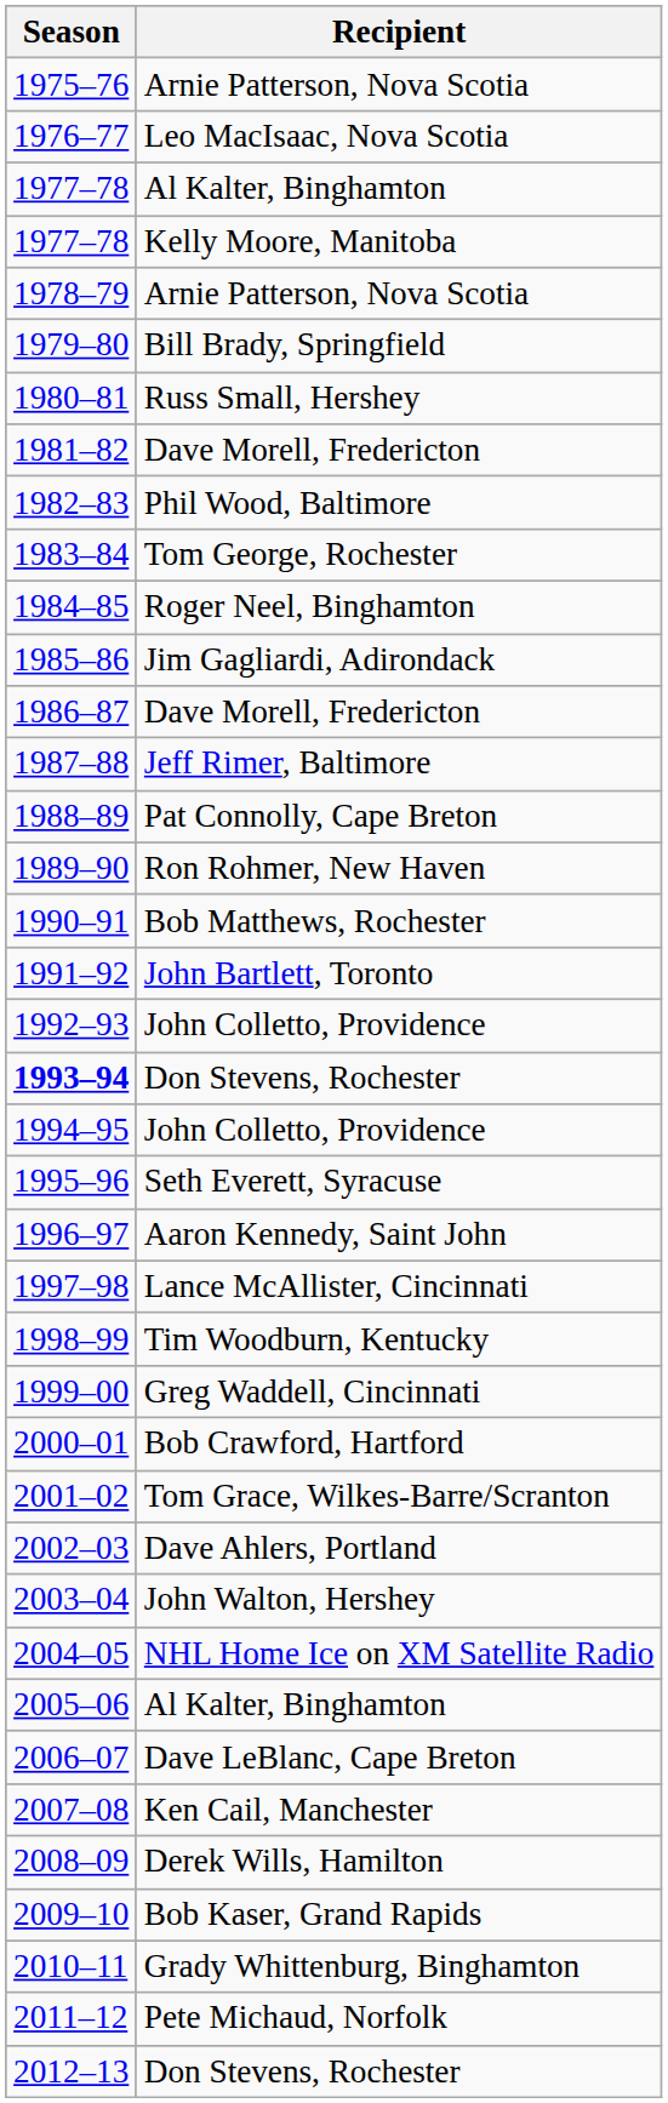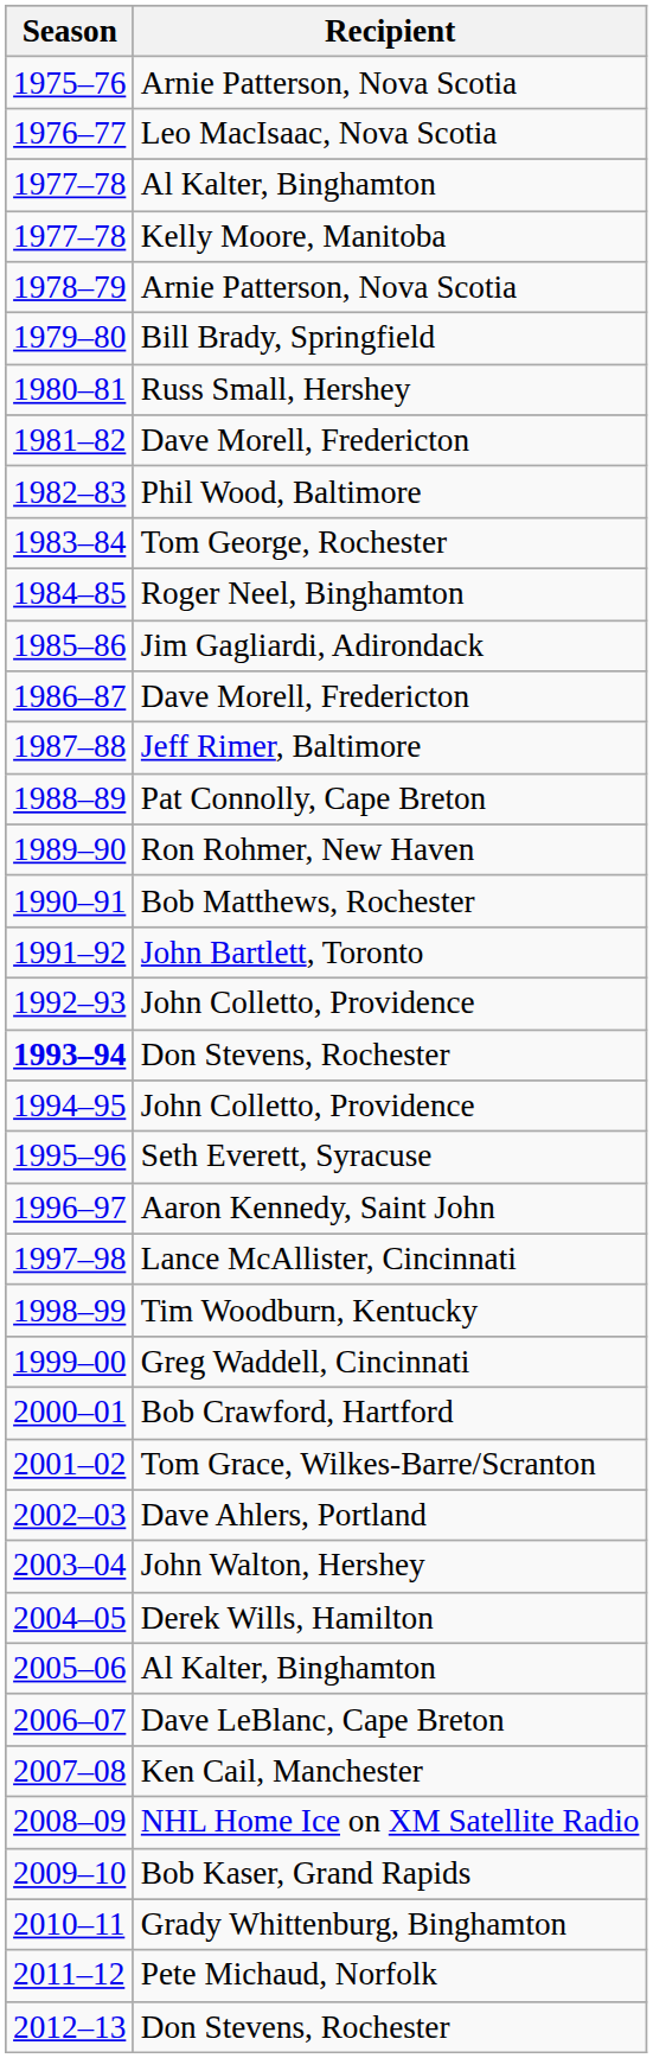 <table class="wikitable sortable">
 <tr>
 <th>Season</th>
 <th>Recipient</th>
 </tr>
 <tr>
 <td><a href='#'>1975–76</a></td>
 <td>Arnie Patterson, Nova Scotia</td>
 </tr>
 <tr>
 <td><a href='#'>1976–77</a></td>
 <td>Leo MacIsaac, Nova Scotia</td>
 </tr>
 <tr>
 <td><a href='#'>1977–78</a></td>
 <td>Al Kalter, Binghamton</td>
 </tr>
 <tr>
 <td><a href='#'>1977–78</a></td>
 <td>Kelly Moore, Manitoba</td>
 </tr>
 <tr>
 <td><a href='#'>1978–79</a></td>
 <td>Arnie Patterson, Nova Scotia</td>
 </tr>
 <tr>
 <td><a href='#'>1979–80</a></td>
 <td>Bill Brady, Springfield</td>
 </tr>
 <tr>
 <td><a href='#'>1980–81</a></td>
 <td>Russ Small, Hershey</td>
 </tr>
 <tr>
 <td><a href='#'>1981–82</a></td>
 <td>Dave Morell, Fredericton</td>
 </tr>
 <tr>
 <td><a href='#'>1982–83</a></td>
 <td>Phil Wood, Baltimore</td>
 </tr>
 <tr>
 <td><a href='#'>1983–84</a></td>
 <td>Tom George, Rochester</td>
 </tr>
 <tr>
 <td><a href='#'>1984–85</a></td>
 <td>Roger Neel, Binghamton</td>
 </tr>
 <tr>
 <td><a href='#'>1985–86</a></td>
 <td>Jim Gagliardi, Adirondack</td>
 </tr>
 <tr>
 <td><a href='#'>1986–87</a></td>
 <td>Dave Morell, Fredericton</td>
 </tr>
 <tr>
 <td><a href='#'>1987–88</a></td>
 <td><a href='#'>Jeff Rimer</a>, Baltimore</td>
 </tr>
 <tr>
 <td><a href='#'>1988–89</a></td>
 <td>Pat Connolly, Cape Breton</td>
 </tr>
 <tr>
 <td><a href='#'>1989–90</a></td>
 <td>Ron Rohmer, New Haven</td>
 </tr>
 <tr>
 <td><a href='#'>1990–91</a></td>
 <td>Bob Matthews, Rochester</td>
 </tr>
 <tr>
 <td><a href='#'>1991–92</a></td>
 <td><a href='#'>John Bartlett</a>, Toronto</td>
 </tr>
 <tr>
 <td><a href='#'>1992–93</a></td>
 <td>John Colletto, Providence</td>
 </tr>
 <tr>
 <td><strong><a href='#'>1993–94</a></strong></td>
 <td>Don Stevens, Rochester</td>
 </tr>
 <tr>
 <td><a href='#'>1994–95</a></td>
 <td>John Colletto, Providence</td>
 </tr>
 <tr>
 <td><a href='#'>1995–96</a></td>
 <td>Seth Everett, Syracuse</td>
 </tr>
 <tr>
 <td><a href='#'>1996–97</a></td>
 <td>Aaron Kennedy, Saint John</td>
 </tr>
 <tr>
 <td><a href='#'>1997–98</a></td>
 <td>Lance McAllister, Cincinnati</td>
 </tr>
 <tr>
 <td><a href='#'>1998–99</a></td>
 <td>Tim Woodburn, Kentucky</td>
 </tr>
 <tr>
 <td><a href='#'>1999–00</a></td>
 <td>Greg Waddell, Cincinnati</td>
 </tr>
 <tr>
 <td><a href='#'>2000–01</a></td>
 <td>Bob Crawford, Hartford</td>
 </tr>
 <tr>
 <td><a href='#'>2001–02</a></td>
 <td>Tom Grace, Wilkes-Barre/Scranton</td>
 </tr>
 <tr>
 <td><a href='#'>2002–03</a></td>
 <td>Dave Ahlers, Portland</td>
 </tr>
 <tr>
 <td><a href='#'>2003–04</a></td>
 <td>John Walton, Hershey</td>
 </tr>
 <tr>
 <td><a href='#'>2004–05</a></td>
-<td><a href='#'>NHL Home Ice</a> on <a href='#'>XM Satellite Radio</a></td>
+<td>Derek Wills, Hamilton</td>
 </tr>
 <tr>
 <td><a href='#'>2005–06</a></td>
 <td>Al Kalter, Binghamton</td>
 </tr>
 <tr>
 <td><a href='#'>2006–07</a></td>
 <td>Dave LeBlanc, Cape Breton</td>
 </tr>
 <tr>
 <td><a href='#'>2007–08</a></td>
 <td>Ken Cail, Manchester</td>
 </tr>
 <tr>
 <td><a href='#'>2008–09</a></td>
-<td>Derek Wills, Hamilton</td>
+<td><a href='#'>NHL Home Ice</a> on <a href='#'>XM Satellite Radio</a></td>
 </tr>
 <tr>
 <td><a href='#'>2009–10</a></td>
 <td>Bob Kaser, Grand Rapids</td>
 </tr>
 <tr>
 <td><a href='#'>2010–11</a></td>
 <td>Grady Whittenburg, Binghamton</td>
 </tr>
 <tr>
 <td><a href='#'>2011–12</a></td>
 <td>Pete Michaud, Norfolk</td>
 </tr>
 <tr>
 <td><a href='#'>2012–13</a></td>
 <td>Don Stevens, Rochester</td>
 </tr>
 </table>
